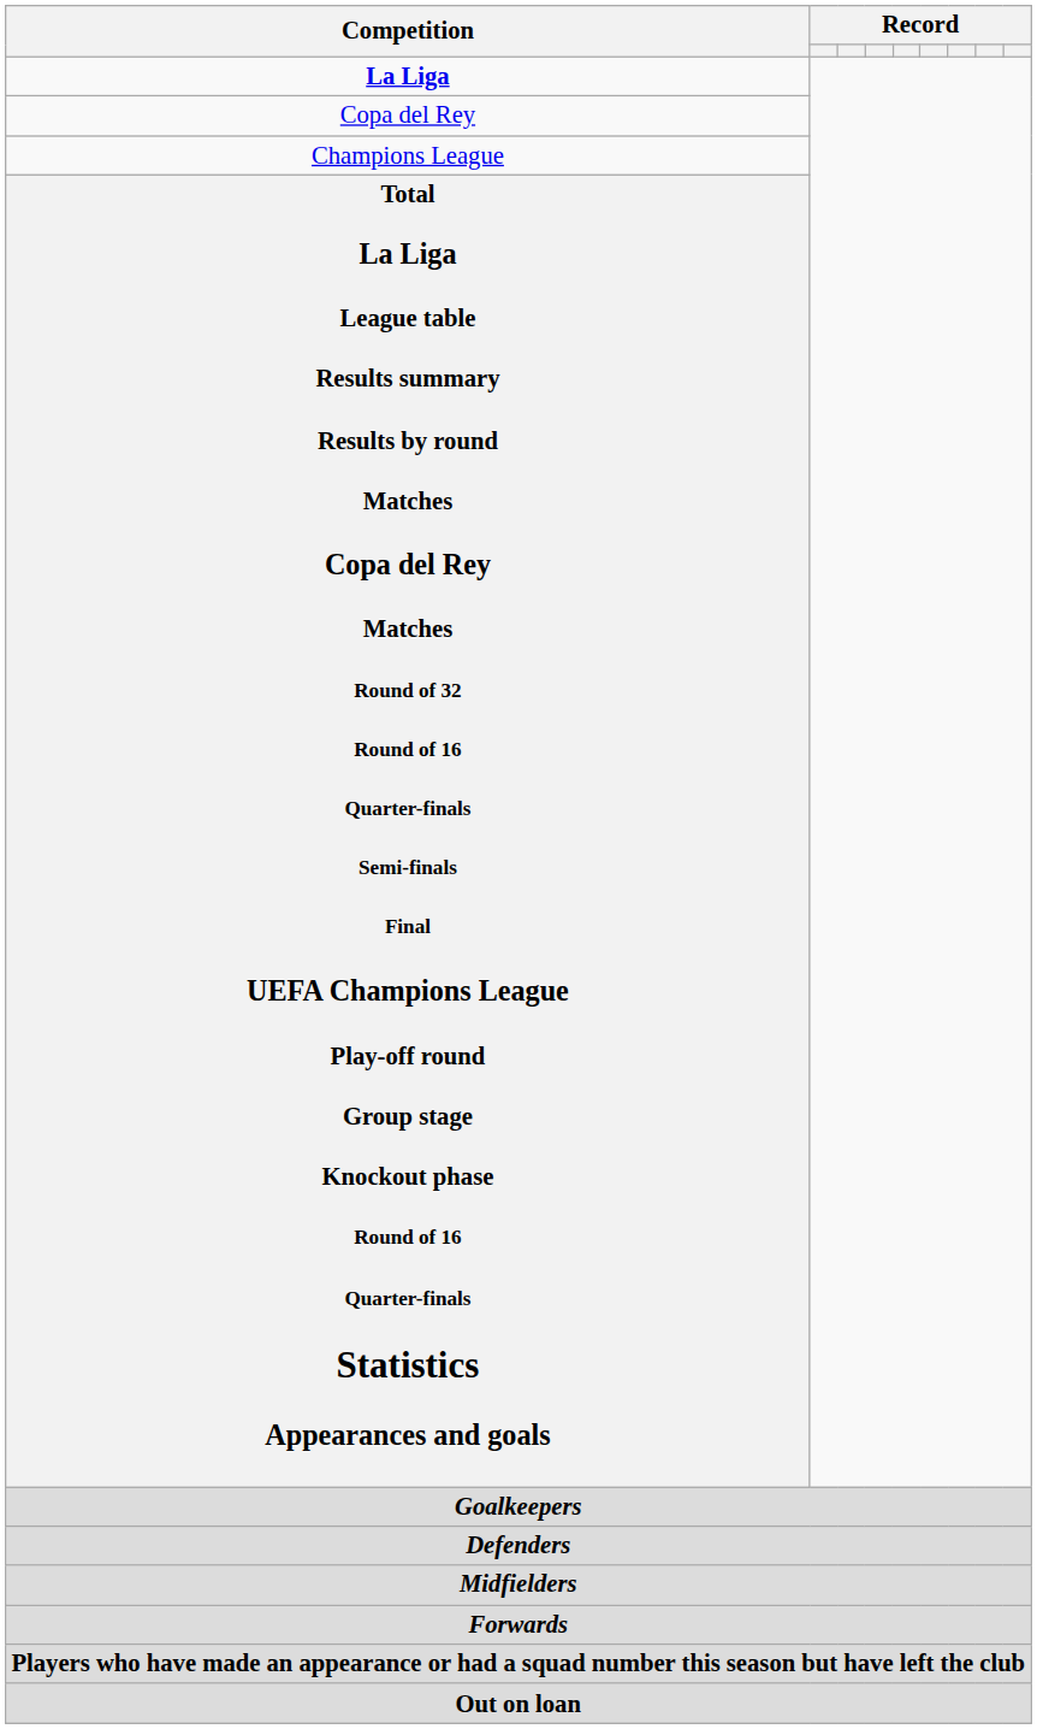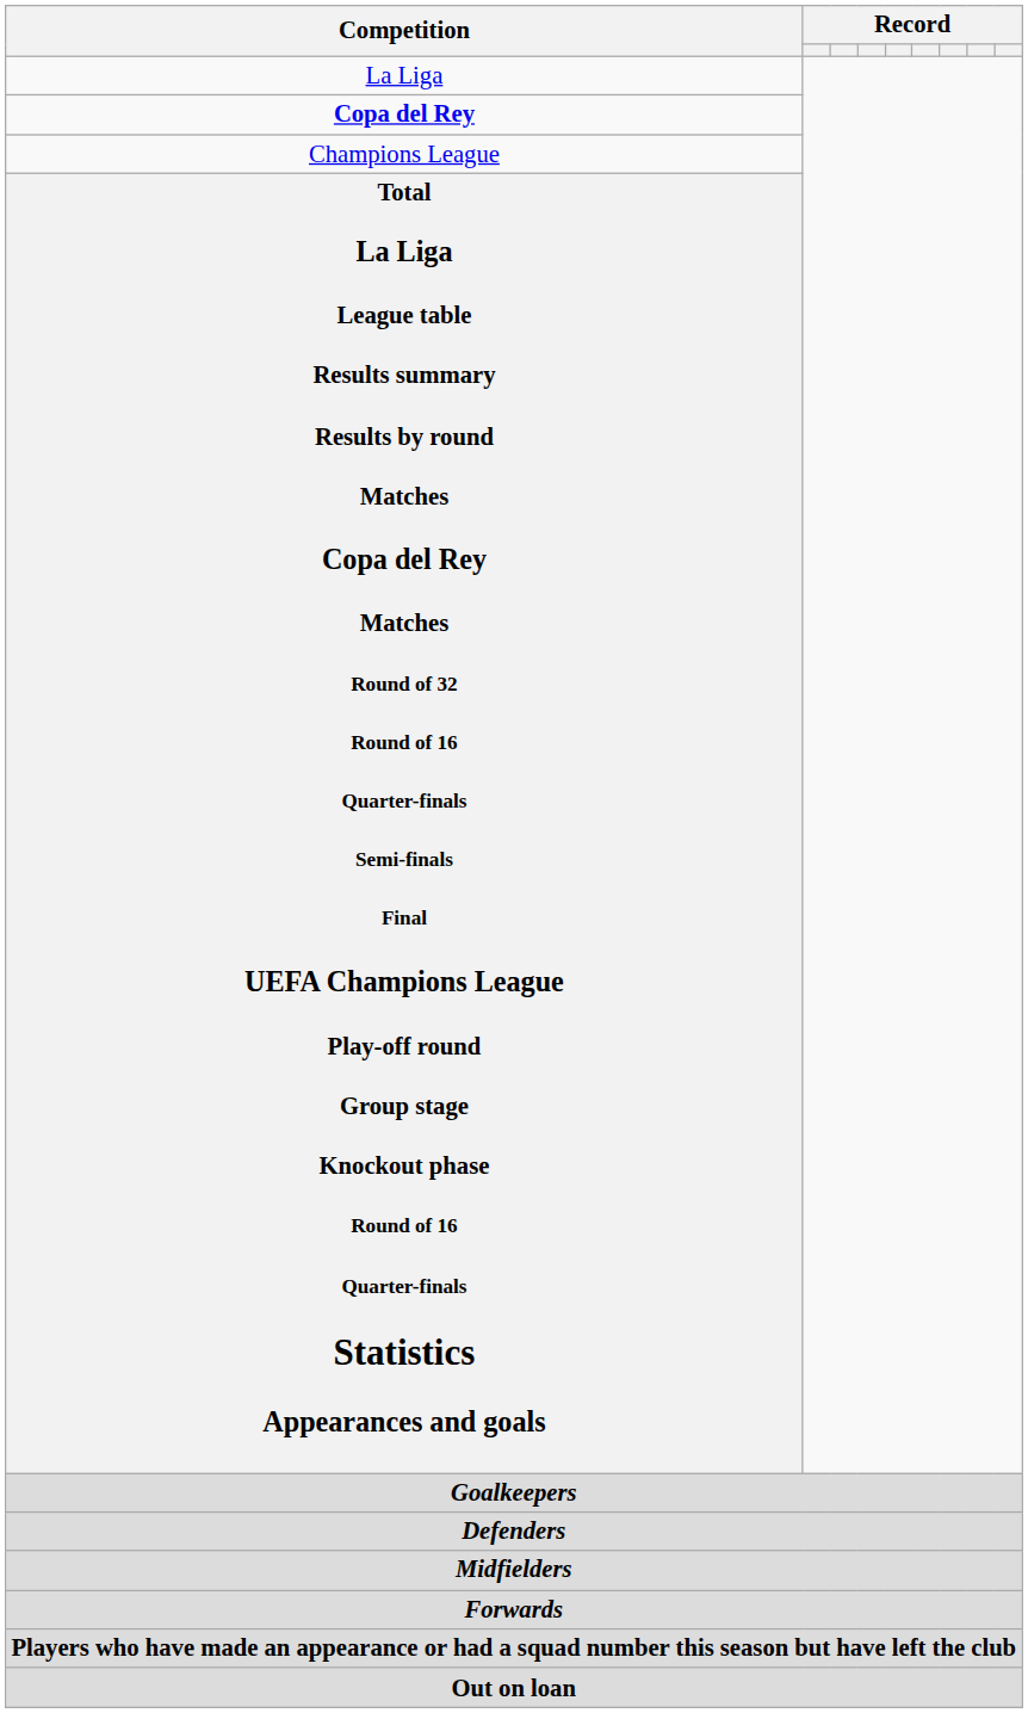 <table class="wikitable" style="text-align: center">
 <tr>
 <th rowspan=2>Competition</th>
 <th colspan=8>Record</th>
 </tr>
 <tr>
 <th></th>
 <th></th>
 <th></th>
 <th></th>
 <th></th>
 <th></th>
 <th></th>
 <th></th>
 </tr>
 <tr>
-<td><strong><a href='#'>La Liga</a><br></strong></td>
+<td><a href='#'>La Liga</a><br></td>
 </tr>
 <tr>
-<td><a href='#'>Copa del Rey</a><br></td>
+<td><strong><a href='#'>Copa del Rey</a><br></strong></td>
 </tr>
 <tr>
 <td><a href='#'>Champions League</a><br></td>
 </tr>
 <tr>
 <th>Total<br> <h3>La Liga</h3><h4>League table</h4><h4>Results summary</h4> <h4>Results by round</h4><h4>Matches</h4>                                     <h3>Copa del Rey</h3><h4>Matches</h4><h5>Round of 32</h5> <h5>Round of 16</h5> <h5>Quarter-finals</h5> <h5>Semi-finals</h5> <h5>Final</h5><h3>UEFA Champions League</h3><h4>Play-off round</h4>  <h4>Group stage</h4>       <h4>Knockout phase</h4><h5>Round of 16</h5> <h5>Quarter-finals</h5> <h2>Statistics</h2><h3>Appearances and goals</h3></th>
 </tr>
 <tr>
 <th colspan=14 style=background:#dcdcdc; text-align:center><em>Goalkeepers</em><br>  </th>
 </tr>
 <tr>
 <th colspan=14 style=background:#dcdcdc; text-align:center><em>Defenders</em><br>         </th>
 </tr>
 <tr>
 <th colspan=14 style=background:#dcdcdc; text-align:center><em>Midfielders</em><br>           </th>
 </tr>
 <tr>
 <th colspan=14 style=background:#dcdcdc; text-align:center><em>Forwards</em><br>   </th>
 </tr>
 <tr>
 <th colspan=14 style=background:#dcdcdc; text-align:center>Players who have made an appearance or had a squad number this season but have left the club<br> </th>
 </tr>
 <tr>
 <th colspan=14 style=background:#dcdcdc; text-align:center>Out on loan<br></th>
 </tr>
 <tr>
 </tr>
 </table>
